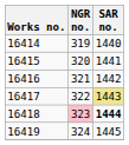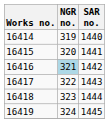 <table class="wikitable collapsible collapsed sortable" style="margin:0.5em auto; font-size:100%;">
 <tr>
 <th><br>Works no.</th>
 <th>NGR<br>no.</th>
 <th>SAR<br>no.</th>
 </tr>
 <tr>
 <td>16414</td>
 <td>319</td>
 <td>1440</td>
 </tr>
 <tr>
 <td>16415</td>
 <td>320</td>
 <td>1441</td>
 </tr>
 <tr>
 <td>16416</td>
-<td>321</td>
+<td style="background: lightblue;">321</td>
 <td>1442</td>
 </tr>
 <tr>
 <td>16417</td>
 <td>322</td>
-<td style="background: khaki;">1443</td>
+<td>1443</td>
 </tr>
 <tr>
 <td>16418</td>
-<td style="background: pink;">323</td>
-<td><strong>1444</strong></td>
+<td>323</td>
+<td>1444</td>
 </tr>
 <tr>
 <td>16419</td>
 <td>324</td>
 <td>1445</td>
 </tr>
 <tr>
 </tr>
 </table>
